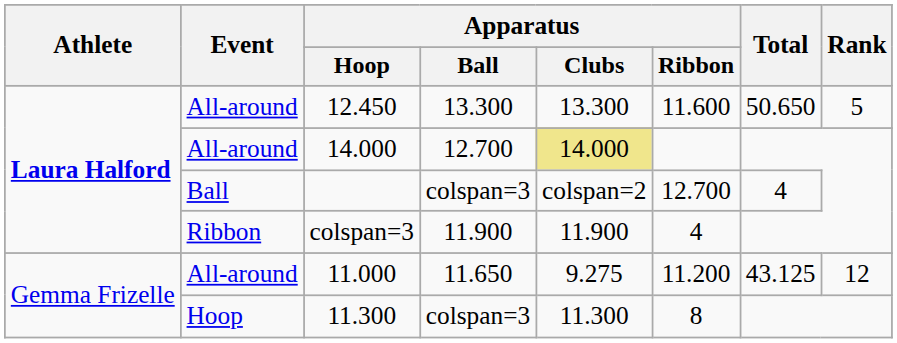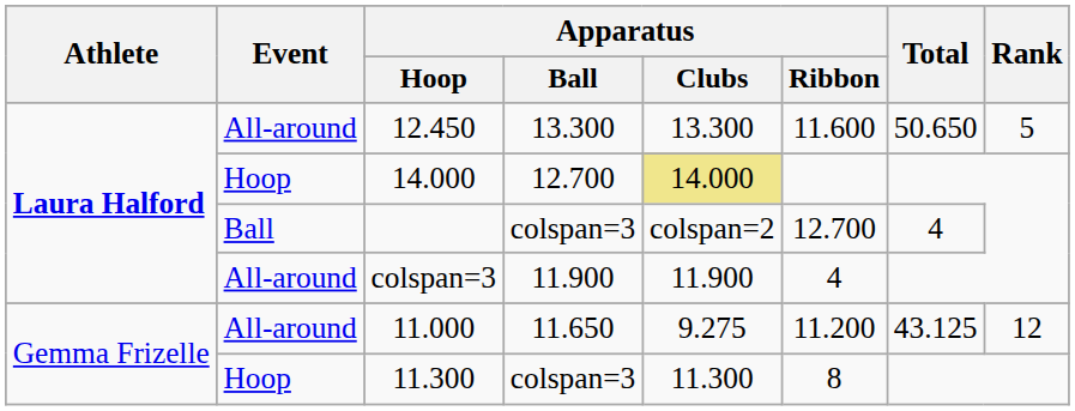 <table class="wikitable" style="font-size:90%">
 <tr>
 <th rowspan=2>Athlete</th>
 <th rowspan=2>Event</th>
 <th colspan=4>Apparatus</th>
 <th rowspan=2>Total</th>
 <th rowspan=2>Rank</th>
 </tr>
 <tr style="font-size:95%">
 <th>Hoop</th>
 <th>Ball</th>
 <th>Clubs</th>
 <th>Ribbon</th>
 </tr>
 <tr align=center>
 <td align=left rowspan=4><strong><a href='#'>Laura Halford</a></strong></td>
 <td align=left><a href='#'>All-around</a></td>
 <td>12.450</td>
 <td>13.300</td>
 <td>13.300</td>
 <td>11.600</td>
 <td>50.650</td>
 <td>5</td>
 </tr>
 <tr align=center>
-<td align=left><a href='#'>All-around</a></td>
+<td align=left><a href='#'>Hoop</a></td>
 <td>14.000</td>
 <td>12.700</td>
 <td style="background: khaki;">14.000</td>
 <td></td>
 </tr>
 <tr align=center>
 <td align=left><a href='#'>Ball</a></td>
 <td></td>
 <td>colspan=3 </td>
 <td>colspan=2 </td>
 <td>12.700</td>
 <td>4</td>
 </tr>
 <tr align=center>
-<td align=left><a href='#'>Ribbon</a></td>
+<td align=left><a href='#'>All-around</a></td>
 <td>colspan=3 </td>
 <td>11.900</td>
 <td>11.900</td>
 <td>4</td>
 </tr>
 <tr align=center>
 <td align=left rowspan=2><a href='#'>Gemma Frizelle</a></td>
 <td align=left><a href='#'>All-around</a></td>
 <td>11.000</td>
 <td>11.650</td>
 <td>9.275</td>
 <td>11.200</td>
 <td>43.125</td>
 <td>12</td>
 </tr>
 <tr align=center>
 <td align=left><a href='#'>Hoop</a></td>
 <td>11.300</td>
 <td>colspan=3 </td>
 <td>11.300</td>
 <td>8</td>
 </tr>
 </table>
